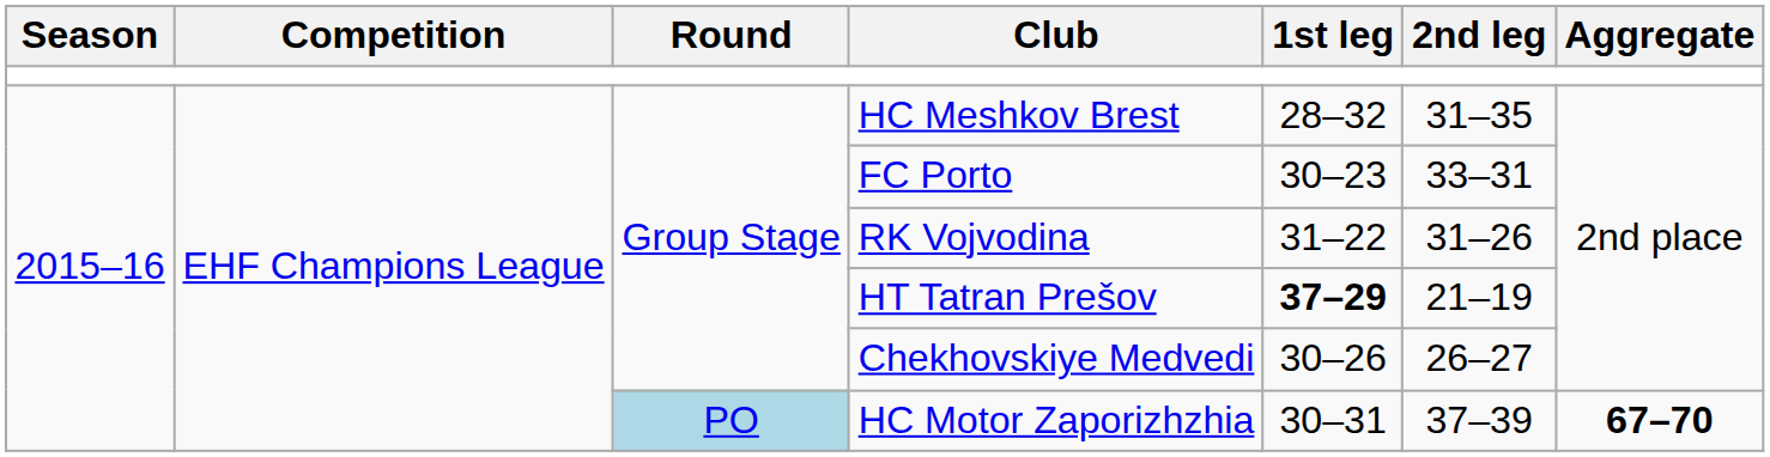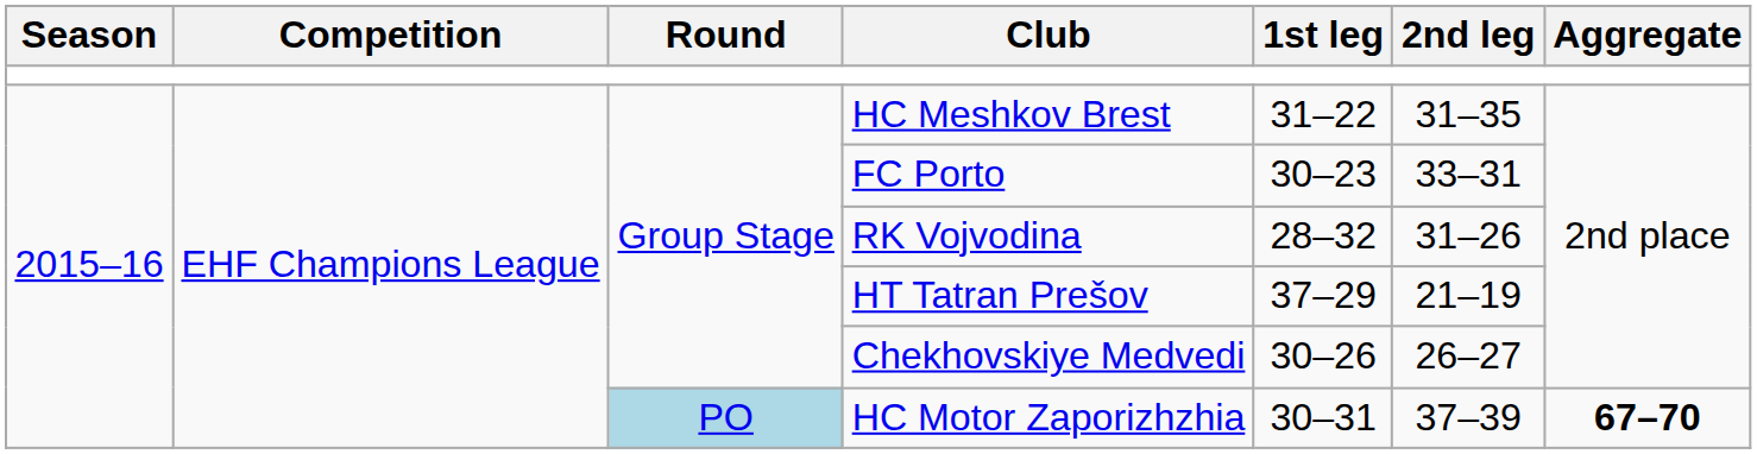 <table class="wikitable">
 <tr>
 <th>Season</th>
 <th>Competition</th>
 <th>Round</th>
 <th>Club</th>
 <th>1st leg</th>
 <th>2nd leg</th>
 <th>Aggregate</th>
 </tr>
 <tr>
 <td colspan="7" bgcolor=white></td>
 </tr>
 <tr>
 <td rowspan="6"><a href='#'>2015–16</a></td>
 <td rowspan="6"><a href='#'>EHF Champions League</a></td>
 <td rowspan="5" style="text-align:center;"><a href='#'>Group Stage</a></td>
 <td> <a href='#'>HC Meshkov Brest</a></td>
-<td style="text-align:center;">28–32</td>
+<td style="text-align:center;">31–22</td>
 <td style="text-align:center;">31–35</td>
 <td rowspan="5" style="text-align:center;">2nd place</td>
 </tr>
 <tr>
 <td> <a href='#'>FC Porto</a></td>
 <td style="text-align:center;">30–23</td>
 <td style="text-align:center;">33–31</td>
 </tr>
 <tr>
 <td> <a href='#'>RK Vojvodina</a></td>
-<td style="text-align:center;">31–22</td>
+<td style="text-align:center;">28–32</td>
 <td style="text-align:center;">31–26</td>
 </tr>
 <tr>
 <td> <a href='#'>HT Tatran Prešov</a></td>
-<td style="text-align:center;"><strong>37–29</strong></td>
+<td style="text-align:center;">37–29</td>
 <td style="text-align:center;">21–19</td>
 </tr>
 <tr>
 <td> <a href='#'>Chekhovskiye Medvedi</a></td>
 <td style="text-align:center;">30–26</td>
 <td style="text-align:center;">26–27</td>
 </tr>
 <tr>
 <td style="background: lightblue; text-align:center;"><a href='#'>PO</a></td>
 <td> <a href='#'>HC Motor Zaporizhzhia</a></td>
 <td style="text-align:center;">30–31</td>
 <td style="text-align:center;">37–39</td>
 <td style="text-align:center;"><strong>67–70</strong></td>
 </tr>
 </table>
